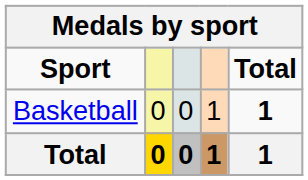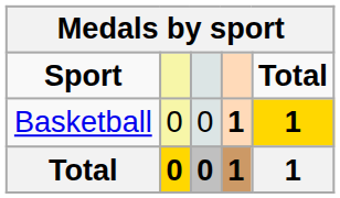 <table class="wikitable" style="font-size:85%; float:right;">
 <tr style="background:#efefef;">
 <th colspan=7>Medals by sport</th>
 </tr>
 <tr align=center>
 <td><strong>Sport</strong></td>
 <td bgcolor=#f7f6a8></td>
 <td bgcolor=#dce5e5></td>
 <td bgcolor=#ffdab9></td>
 <td><strong>Total</strong></td>
 </tr>
 <tr align=center>
 <td><a href='#'>Basketball</a></td>
 <td style="background:#F7F6A8;">0</td>
 <td style="background:#DCE5E5;">0</td>
-<td style="background:#FFDAB9;">1</td>
-<td><strong>1</strong></td>
+<td style="background:#FFDAB9;"><strong>1</strong></td>
+<td style="background: gold;"><strong>1</strong></td>
 </tr>
 <tr align=center>
 <th>Total</th>
 <th style="background:gold;">0</th>
 <th style="background:silver;">0</th>
 <th style="background:#c96;">1</th>
 <th>1</th>
 </tr>
 </table>
